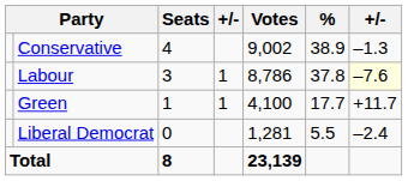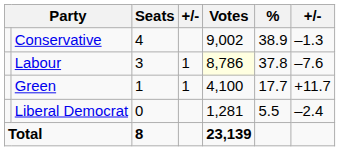 <table class="wikitable sortable">
 <tr>
 <th colspan="2">Party</th>
 <th>Seats</th>
 <th>+/-</th>
 <th>Votes</th>
 <th>%</th>
 <th>+/-</th>
 </tr>
 <tr>
 <td style="background-color: "></td>
 <td><a href='#'>Conservative</a></td>
 <td>4</td>
 <td></td>
 <td>9,002</td>
 <td>38.9</td>
 <td>–1.3</td>
 </tr>
 <tr>
 <td style="background-color: "></td>
 <td><a href='#'>Labour</a></td>
 <td>3</td>
 <td> 1</td>
-<td>8,786</td>
+<td style="background: lightyellow;">8,786</td>
 <td>37.8</td>
-<td style="background: lightyellow;">–7.6</td>
+<td>–7.6</td>
 </tr>
 <tr>
 <td style="background-color: "></td>
 <td><a href='#'>Green</a></td>
 <td>1</td>
 <td> 1</td>
 <td>4,100</td>
 <td>17.7</td>
 <td>+11.7</td>
 </tr>
 <tr>
 <td style="background-color: "></td>
 <td><a href='#'>Liberal Democrat</a></td>
 <td>0</td>
 <td></td>
 <td>1,281</td>
 <td>5.5</td>
 <td>–2.4</td>
 </tr>
 <tr>
 <td colspan="2"><strong>Total</strong></td>
 <td><strong>8</strong></td>
 <td></td>
 <td><strong>23,139</strong></td>
 <td></td>
 <td></td>
 </tr>
 </table>
